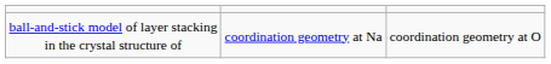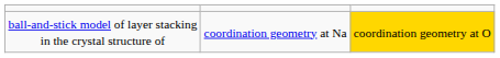 <table class="wikitable" style="text-align:center;">
 <tr>
 <td></td>
 <td></td>
 <td></td>
 </tr>
 <tr>
 <td><small><a href='#'>ball-and-stick model</a> of layer stacking<br> in the crystal structure of </small></td>
 <td><small><a href='#'>coordination geometry</a> at Na</small></td>
-<td><small>coordination geometry at O</small></td>
+<td style="background: gold;"><small>coordination geometry at O</small></td>
 </tr>
 </table>
